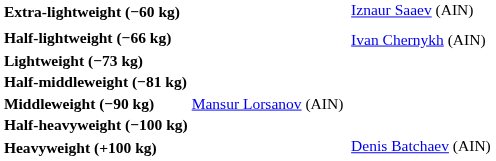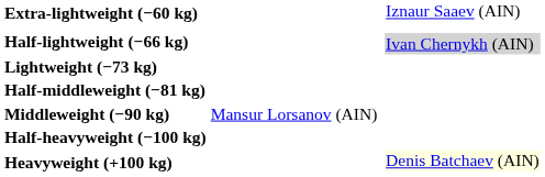 <table>
 <tr>
 <th rowspan=2 style="text-align:left;">Extra-lightweight (−60 kg)</th>
 <td rowspan=2></td>
 <td rowspan=2></td>
 <td> <a href='#'>Iznaur Saaev</a> <span>(<abbr>AIN</abbr>)</span></td>
 </tr>
 <tr>
 <td></td>
 </tr>
 <tr>
 <th rowspan=2 style="text-align:left;">Half-lightweight (−66 kg)</th>
 <td rowspan=2></td>
 <td rowspan=2></td>
 <td></td>
 </tr>
 <tr>
-<td> <a href='#'>Ivan Chernykh</a> <span>(<abbr>AIN</abbr>)</span></td>
+<td style="background: lightgrey;"> <a href='#'>Ivan Chernykh</a> <span>(<abbr>AIN</abbr>)</span></td>
 </tr>
 <tr>
 <th rowspan=2 style="text-align:left;">Lightweight (−73 kg)</th>
 <td rowspan=2></td>
 <td rowspan=2></td>
 <td></td>
 </tr>
 <tr>
 <td></td>
 </tr>
 <tr>
 <th rowspan=2 style="text-align:left;">Half-middleweight (−81 kg)</th>
 <td rowspan=2></td>
 <td rowspan=2></td>
 <td></td>
 </tr>
 <tr>
 <td></td>
 </tr>
 <tr>
 <th rowspan=2 style="text-align:left;">Middleweight (−90 kg)</th>
 <td rowspan=2> <a href='#'>Mansur Lorsanov</a> <span>(<abbr>AIN</abbr>)</span></td>
 <td rowspan=2></td>
 <td></td>
 </tr>
 <tr>
 <td></td>
 </tr>
 <tr>
 <th rowspan=2 style="text-align:left;">Half-heavyweight (−100 kg)</th>
 <td rowspan=2></td>
 <td rowspan=2></td>
 <td></td>
 </tr>
 <tr>
 <td></td>
 </tr>
 <tr>
 <th rowspan=2 style="text-align:left;">Heavyweight (+100 kg)</th>
 <td rowspan=2></td>
 <td rowspan=2></td>
-<td> <a href='#'>Denis Batchaev</a> <span>(<abbr>AIN</abbr>)</span></td>
+<td style="background: lightyellow;"> <a href='#'>Denis Batchaev</a> <span>(<abbr>AIN</abbr>)</span></td>
 </tr>
 <tr>
 <td></td>
 </tr>
 </table>
